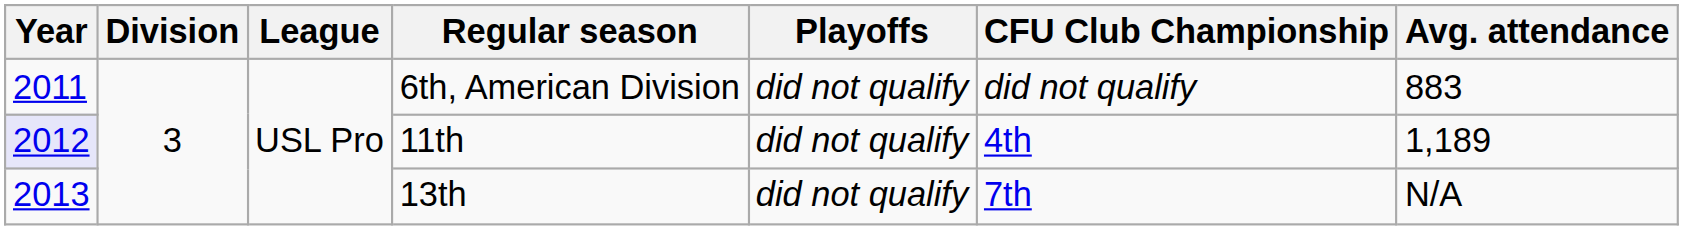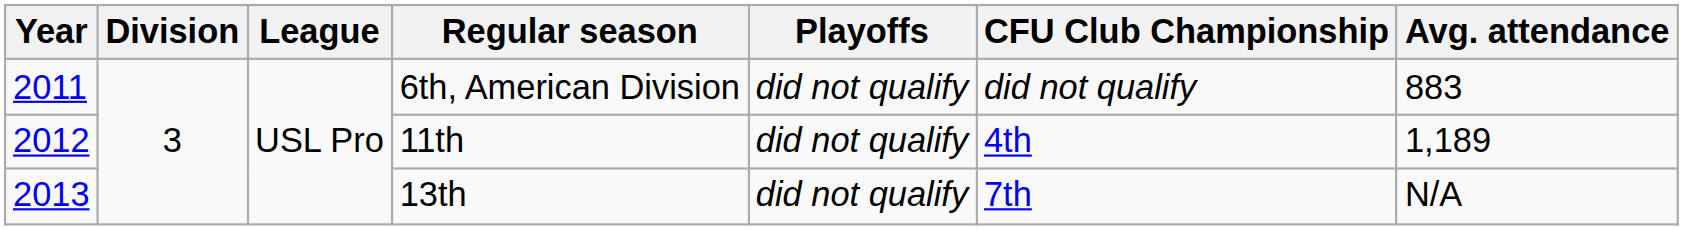 <table class="wikitable">
 <tr>
 <th>Year</th>
 <th>Division</th>
 <th>League</th>
 <th>Regular season</th>
 <th>Playoffs</th>
 <th>CFU Club Championship</th>
 <th>Avg. attendance</th>
 </tr>
 <tr>
 <td><a href='#'>2011</a></td>
 <td rowspan="3" align="center">3</td>
 <td rowspan="3">USL Pro</td>
 <td>6th, American Division</td>
 <td><em>did not qualify</em></td>
 <td><em>did not qualify</em></td>
 <td>883</td>
 </tr>
 <tr>
-<td style="background: lavender;"><a href='#'>2012</a></td>
+<td><a href='#'>2012</a></td>
 <td>11th</td>
 <td><em>did not qualify</em></td>
 <td><a href='#'>4th</a></td>
 <td>1,189</td>
 </tr>
 <tr>
 <td><a href='#'>2013</a></td>
 <td>13th</td>
 <td><em>did not qualify</em></td>
 <td><a href='#'>7th</a></td>
 <td>N/A</td>
 </tr>
 </table>
